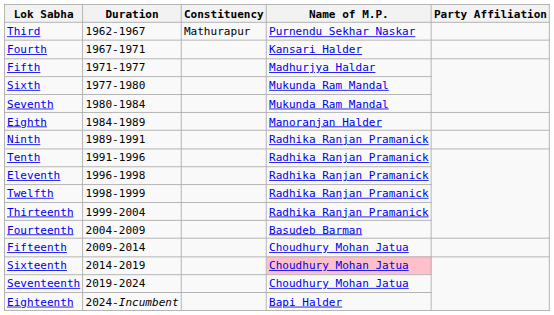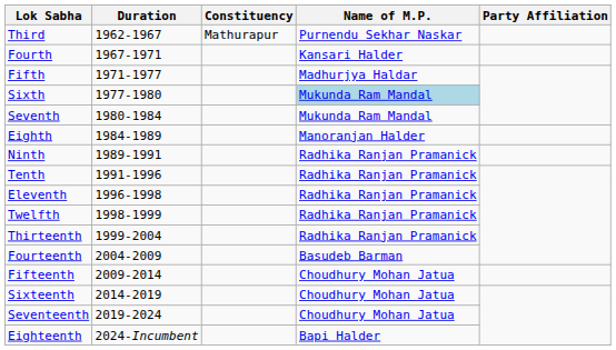 <table class="wikitable sortable">
 <tr>
 <th>Lok Sabha</th>
 <th>Duration</th>
 <th>Constituency</th>
 <th>Name of M.P.</th>
 <th colspan=2>Party Affiliation</th>
 </tr>
 <tr>
 <td><a href='#'>Third</a></td>
 <td>1962-1967</td>
 <td>Mathurapur</td>
 <td><a href='#'>Purnendu Sekhar Naskar</a></td>
 <td></td>
 </tr>
 <tr>
 <td><a href='#'>Fourth</a></td>
 <td>1967-1971</td>
 <td></td>
 <td><a href='#'>Kansari Halder</a></td>
 <td></td>
 </tr>
 <tr>
 <td><a href='#'>Fifth</a></td>
 <td>1971-1977</td>
 <td></td>
 <td><a href='#'>Madhurjya Haldar</a></td>
 </tr>
 <tr>
 <td><a href='#'>Sixth</a></td>
 <td>1977-1980</td>
 <td></td>
-<td><a href='#'>Mukunda Ram Mandal</a></td>
+<td style="background: lightblue;"><a href='#'>Mukunda Ram Mandal</a></td>
 </tr>
 <tr>
 <td><a href='#'>Seventh</a></td>
 <td>1980-1984</td>
 <td></td>
 <td><a href='#'>Mukunda Ram Mandal</a></td>
 </tr>
 <tr>
 <td><a href='#'>Eighth</a></td>
 <td>1984-1989</td>
 <td></td>
 <td><a href='#'>Manoranjan Halder</a></td>
 <td></td>
 </tr>
 <tr>
 <td><a href='#'>Ninth</a></td>
 <td>1989-1991</td>
 <td></td>
 <td><a href='#'>Radhika Ranjan Pramanick</a></td>
 <td></td>
 </tr>
 <tr>
 <td><a href='#'>Tenth</a></td>
 <td>1991-1996</td>
 <td></td>
 <td><a href='#'>Radhika Ranjan Pramanick</a></td>
 </tr>
 <tr>
 <td><a href='#'>Eleventh</a></td>
 <td>1996-1998</td>
 <td></td>
 <td><a href='#'>Radhika Ranjan Pramanick</a></td>
 </tr>
 <tr>
 <td><a href='#'>Twelfth</a></td>
 <td>1998-1999</td>
 <td></td>
 <td><a href='#'>Radhika Ranjan Pramanick</a></td>
 </tr>
 <tr>
 <td><a href='#'>Thirteenth</a></td>
 <td>1999-2004</td>
 <td></td>
 <td><a href='#'>Radhika Ranjan Pramanick</a></td>
 </tr>
 <tr>
 <td><a href='#'>Fourteenth</a></td>
 <td>2004-2009</td>
 <td></td>
 <td><a href='#'>Basudeb Barman</a></td>
 </tr>
 <tr>
 <td><a href='#'>Fifteenth</a></td>
 <td>2009-2014</td>
 <td></td>
 <td><a href='#'>Choudhury Mohan Jatua</a></td>
 <td></td>
 </tr>
 <tr>
 <td><a href='#'>Sixteenth</a></td>
 <td>2014-2019</td>
 <td></td>
-<td style="background: pink;"><a href='#'>Choudhury Mohan Jatua</a></td>
+<td><a href='#'>Choudhury Mohan Jatua</a></td>
 </tr>
 <tr>
 <td><a href='#'>Seventeenth</a></td>
 <td>2019-2024</td>
 <td></td>
 <td><a href='#'>Choudhury Mohan Jatua</a></td>
 </tr>
 <tr>
 <td><a href='#'>Eighteenth</a></td>
 <td>2024-<em>Incumbent</em></td>
 <td></td>
 <td><a href='#'>Bapi Halder</a></td>
 </tr>
 </table>
